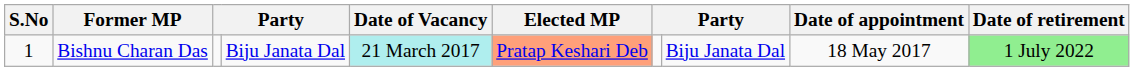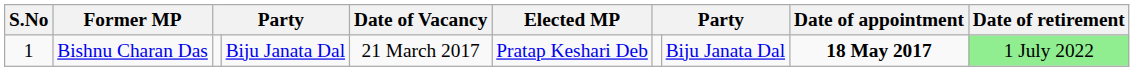 <table class="wikitable sortable">
 <tr>
 <th>S.No</th>
 <th>Former MP</th>
 <th colspan=2>Party</th>
 <th>Date of Vacancy</th>
 <th>Elected MP</th>
 <th colspan=2>Party</th>
 <th>Date of appointment</th>
 <th>Date of retirement</th>
 </tr>
 <tr style="text-align:center;">
 <td>1</td>
 <td><a href='#'>Bishnu Charan Das</a></td>
 <td></td>
 <td><a href='#'>Biju Janata Dal</a></td>
-<td style="background: paleturquoise;">21 March 2017</td>
-<td style="background: lightsalmon;"><a href='#'>Pratap Keshari Deb</a></td>
+<td>21 March 2017</td>
+<td><a href='#'>Pratap Keshari Deb</a></td>
 <td></td>
 <td><a href='#'>Biju Janata Dal</a></td>
-<td>18 May 2017</td>
+<td><strong>18 May 2017</strong></td>
 <td style="background: lightgreen;">1 July 2022</td>
 </tr>
 </table>
